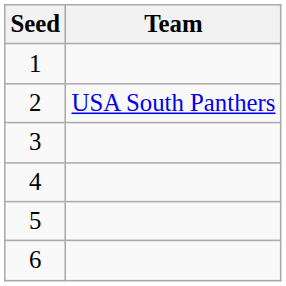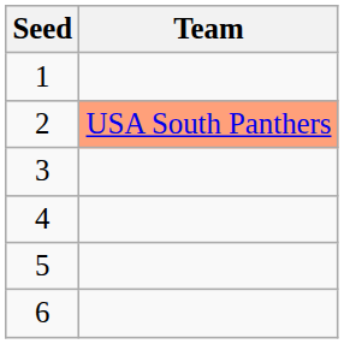 <table class="wikitable" style="text-align: center;">
 <tr>
 <th>Seed</th>
 <th>Team</th>
 </tr>
 <tr>
 <td>1</td>
 <td align="left"></td>
 </tr>
 <tr>
 <td>2</td>
-<td align="left"> <a href='#'>USA South Panthers</a></td>
+<td align="left" style="background: lightsalmon;"> <a href='#'>USA South Panthers</a></td>
 </tr>
 <tr>
 <td>3</td>
 <td align="left"></td>
 </tr>
 <tr>
 <td>4</td>
 <td align="left"></td>
 </tr>
 <tr>
 <td>5</td>
 <td align="left"></td>
 </tr>
 <tr>
 <td>6</td>
 <td align="left"></td>
 </tr>
 </table>
